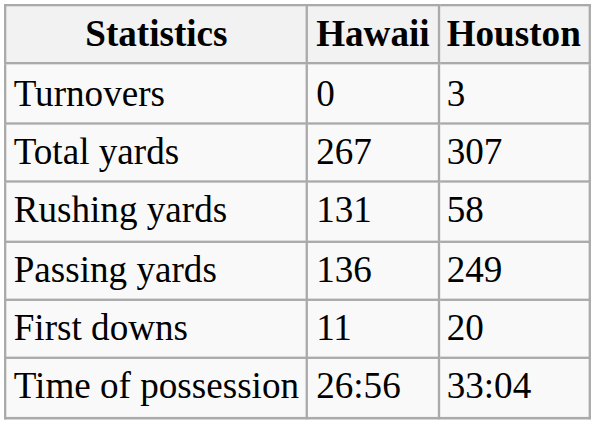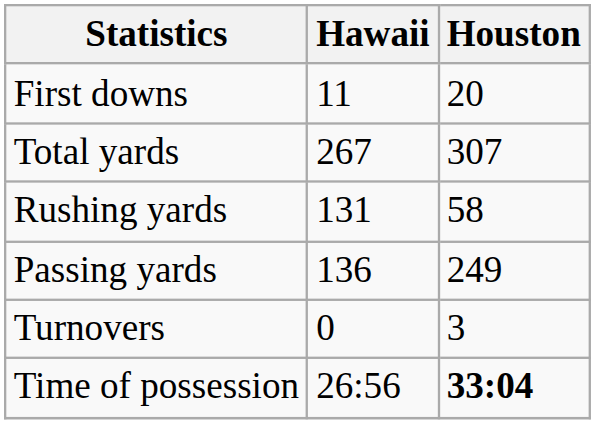 <table class="wikitable">
 <tr>
 <th>Statistics</th>
 <th>Hawaii</th>
 <th>Houston</th>
 </tr>
 <tr>
-<td>Turnovers</td>
-<td>0</td>
-<td>3</td>
+<td>First downs</td>
+<td>11</td>
+<td>20</td>
 </tr>
 <tr>
 <td>Total yards</td>
 <td>267</td>
 <td>307</td>
 </tr>
 <tr>
 <td>Rushing yards</td>
 <td>131</td>
 <td>58</td>
 </tr>
 <tr>
 <td>Passing yards</td>
 <td>136</td>
 <td>249</td>
 </tr>
 <tr>
-<td>First downs</td>
-<td>11</td>
-<td>20</td>
+<td>Turnovers</td>
+<td>0</td>
+<td>3</td>
 </tr>
 <tr>
 <td>Time of possession</td>
 <td>26:56</td>
-<td>33:04</td>
+<td><strong>33:04</strong></td>
 </tr>
 <tr>
 </tr>
 </table>
